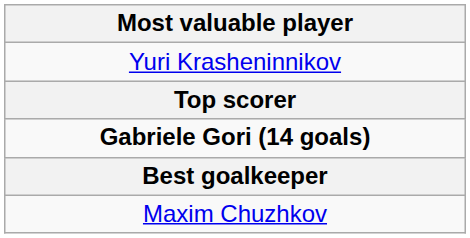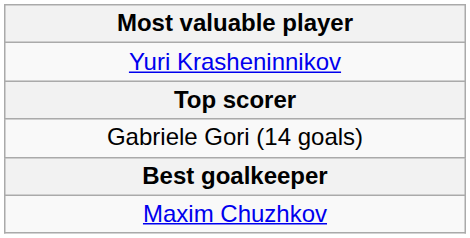 <table class="wikitable" style="margin: 1em auto 1em auto;">
 <tr>
 <th width=300>Most valuable player</th>
 </tr>
 <tr>
 <td style="text-align:center;"> <a href='#'>Yuri Krasheninnikov</a></td>
 </tr>
 <tr>
 <th>Top scorer</th>
 </tr>
 <tr>
-<td style="text-align:center;"><strong> Gabriele Gori (14 goals)</strong></td>
+<td style="text-align:center;"> Gabriele Gori (14 goals)</td>
 </tr>
 <tr>
 <th>Best goalkeeper</th>
 </tr>
 <tr>
 <td style="text-align:center;"> <a href='#'>Maxim Chuzhkov</a></td>
 </tr>
 </table>
